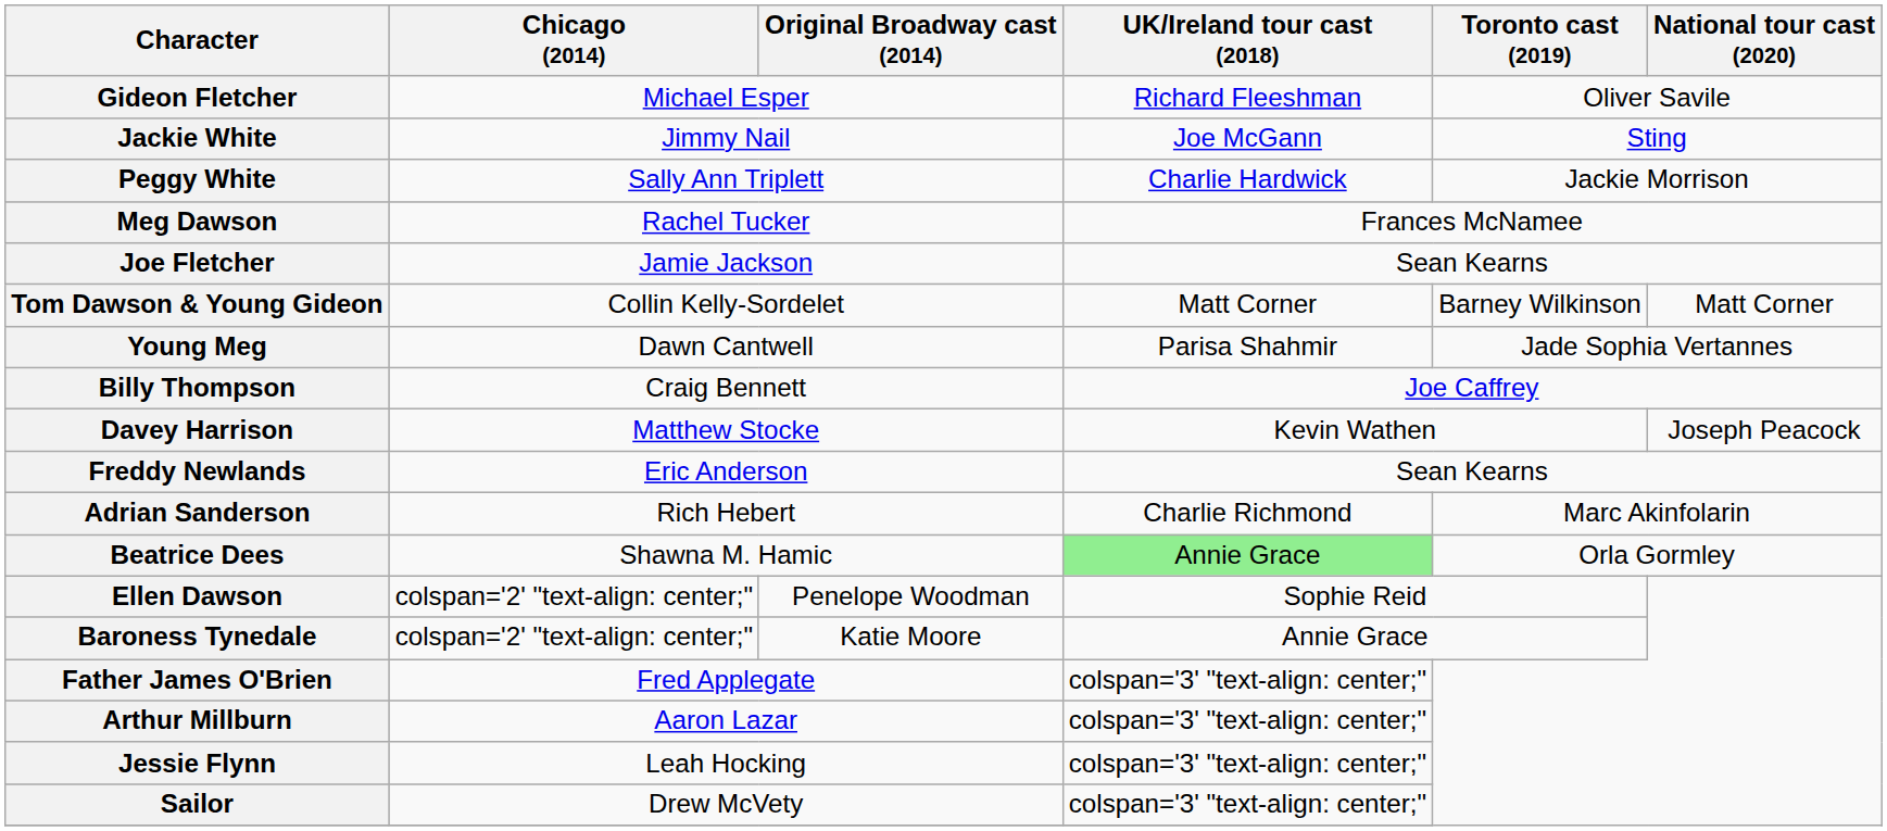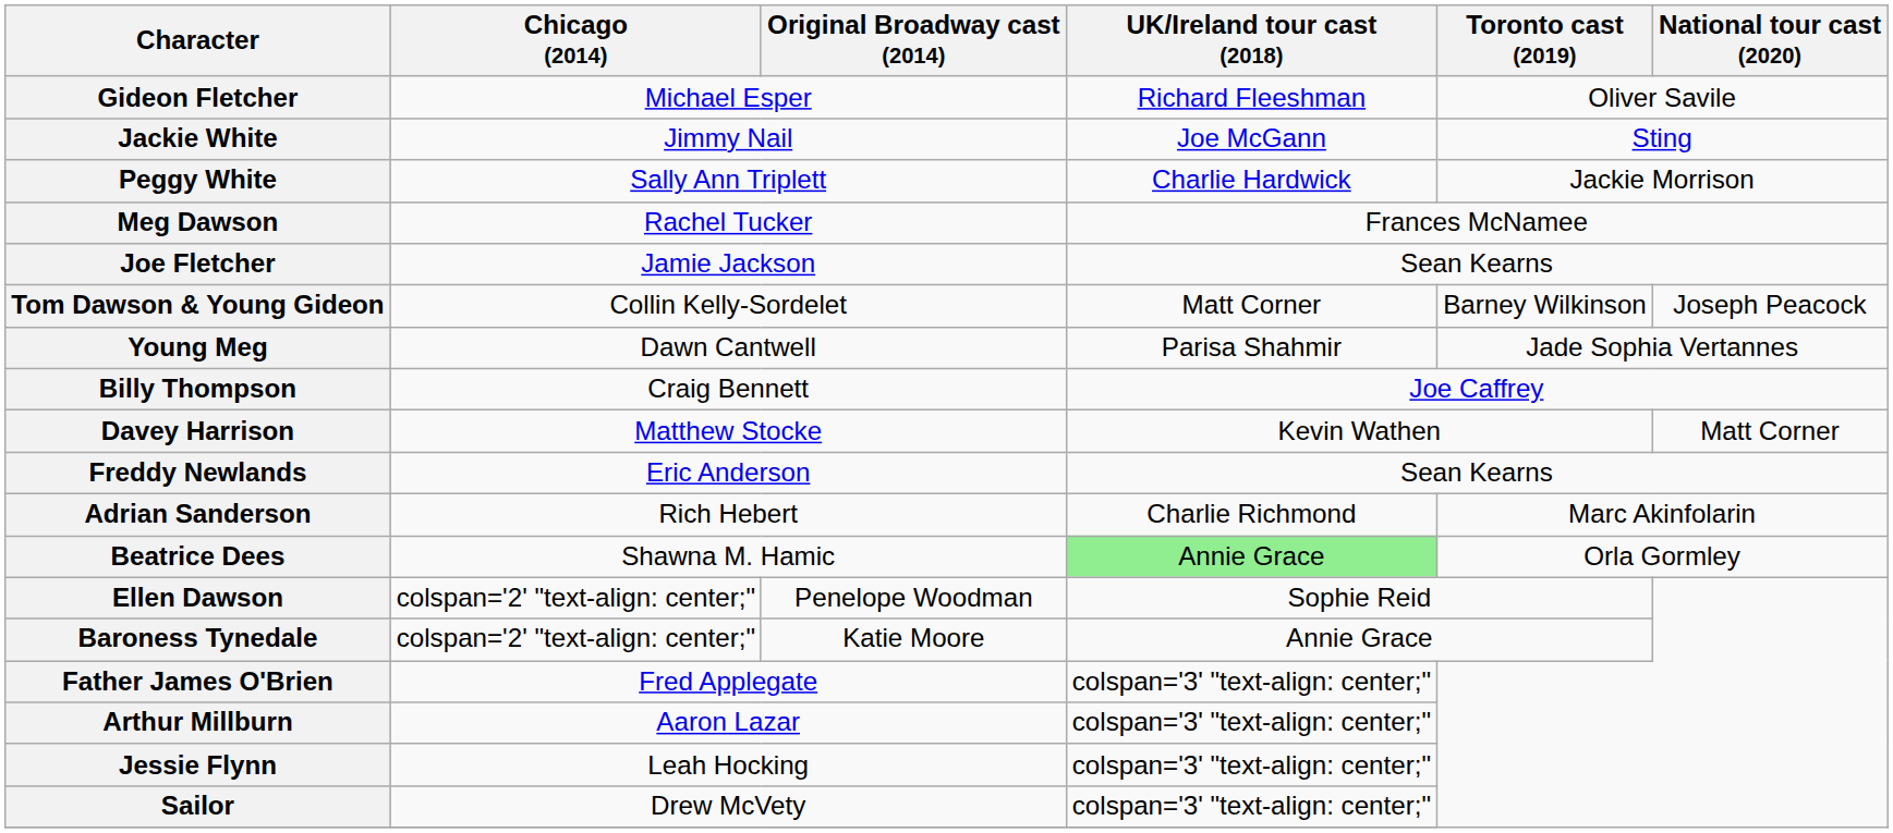 <table class="wikitable" style="width:1000;">
 <tr>
 <th>Character</th>
 <th>Chicago <br><small>(2014)</small></th>
 <th>Original Broadway cast <br><small>(2014)</small></th>
 <th>UK/Ireland tour cast<br><small>(2018)</small></th>
 <th>Toronto cast<br><small>(2019)</small></th>
 <th>National tour cast<br><small>(2020)</small></th>
 </tr>
 <tr>
 <th>Gideon Fletcher</th>
 <td style="text-align:center;" colspan="2"><a href='#'>Michael Esper</a></td>
 <td style="text-align: center;"><a href='#'>Richard Fleeshman</a></td>
 <td style="text-align:center;" colspan="2">Oliver Savile</td>
 </tr>
 <tr>
 <th>Jackie White</th>
 <td style="text-align:center;" colspan="2"><a href='#'>Jimmy Nail</a></td>
 <td style="text-align: center;"><a href='#'>Joe McGann</a></td>
 <td style="text-align:center;" colspan="2"><a href='#'>Sting</a></td>
 </tr>
 <tr>
 <th>Peggy White</th>
 <td style="text-align:center;" colspan="2"><a href='#'>Sally Ann Triplett</a></td>
 <td style="text-align: center;"><a href='#'>Charlie Hardwick</a></td>
 <td style="text-align:center;" colspan="2">Jackie Morrison</td>
 </tr>
 <tr>
 <th>Meg Dawson</th>
 <td style="text-align:center;" colspan="2"><a href='#'>Rachel Tucker</a></td>
 <td style="text-align:center;" colspan="3">Frances McNamee</td>
 </tr>
 <tr>
 <th>Joe Fletcher</th>
 <td style="text-align:center;" colspan="2"><a href='#'>Jamie Jackson</a></td>
 <td style="text-align:center;" colspan="3">Sean Kearns</td>
 </tr>
 <tr>
 <th>Tom Dawson & Young Gideon</th>
 <td style="text-align:center;" colspan="2">Collin Kelly-Sordelet</td>
 <td style="text-align: center;">Matt Corner</td>
 <td style="text-align: center;">Barney Wilkinson</td>
-<td style="text-align: center;">Matt Corner</td>
+<td style="text-align: center;">Joseph Peacock</td>
 </tr>
 <tr>
 <th>Young Meg</th>
 <td style="text-align:center;" colspan="2">Dawn Cantwell</td>
 <td style="text-align: center;">Parisa Shahmir</td>
 <td style="text-align:center;" colspan="2">Jade Sophia Vertannes</td>
 </tr>
 <tr>
 <th>Billy Thompson</th>
 <td style="text-align:center;" colspan="2">Craig Bennett</td>
 <td style="text-align:center;" colspan="3"><a href='#'>Joe Caffrey</a></td>
 </tr>
 <tr>
 <th>Davey Harrison</th>
 <td style="text-align:center;" colspan="2"><a href='#'>Matthew Stocke</a></td>
 <td style="text-align:center;" colspan="2">Kevin Wathen</td>
-<td style="text-align: center;">Joseph Peacock</td>
+<td style="text-align: center;">Matt Corner</td>
 </tr>
 <tr>
 <th>Freddy Newlands</th>
 <td style="text-align:center;" colspan="2"><a href='#'>Eric Anderson</a></td>
 <td style="text-align:center;" colspan="3">Sean Kearns</td>
 </tr>
 <tr>
 <th>Adrian Sanderson</th>
 <td style="text-align:center;" colspan="2">Rich Hebert</td>
 <td style="text-align: center;">Charlie Richmond</td>
 <td style="text-align:center;" colspan="2">Marc Akinfolarin</td>
 </tr>
 <tr>
 <th>Beatrice Dees</th>
 <td style="text-align:center;" colspan="2">Shawna M. Hamic</td>
 <td style="background: lightgreen; text-align: center;">Annie Grace</td>
 <td style="text-align:center;" colspan="2">Orla Gormley</td>
 </tr>
 <tr>
 <th>Ellen Dawson</th>
 <td>colspan='2' "text-align: center;" </td>
 <td style="text-align: center;">Penelope Woodman</td>
 <td style="text-align:center;" colspan="2">Sophie Reid</td>
 </tr>
 <tr>
 <th>Baroness Tynedale</th>
 <td>colspan='2' "text-align: center;" </td>
 <td style="text-align: center;">Katie Moore</td>
 <td style="text-align:center;" colspan="2">Annie Grace</td>
 </tr>
 <tr>
 <th>Father James O'Brien</th>
 <td style="text-align:center;" colspan="2"><a href='#'>Fred Applegate</a></td>
 <td>colspan='3' "text-align: center;" </td>
 </tr>
 <tr>
 <th>Arthur Millburn</th>
 <td style="text-align:center;" colspan="2"><a href='#'>Aaron Lazar</a></td>
 <td>colspan='3' "text-align: center;" </td>
 </tr>
 <tr>
 <th>Jessie Flynn</th>
 <td style="text-align:center;" colspan="2">Leah Hocking</td>
 <td>colspan='3' "text-align: center;" </td>
 </tr>
 <tr>
 <th>Sailor</th>
 <td style="text-align:center;" colspan="2">Drew McVety</td>
 <td>colspan='3' "text-align: center;" </td>
 </tr>
 <tr>
 </tr>
 </table>
